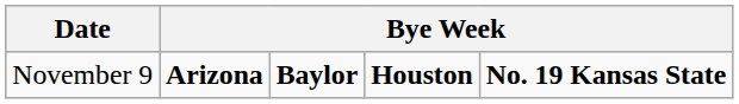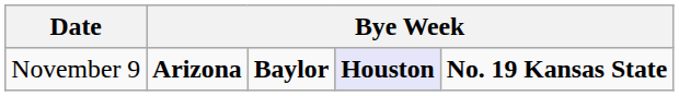 <table class="wikitable" style="font-size:95%;">
 <tr>
 <th>Date</th>
 <th colspan="4">Bye Week</th>
 </tr>
 <tr>
 <td>November 9</td>
 <td><strong>Arizona</strong></td>
 <td><strong>Baylor</strong></td>
-<td><strong>Houston</strong></td>
+<td style="background: lavender;"><strong>Houston</strong></td>
 <td><strong>No. 19 Kansas State</strong></td>
 </tr>
 </table>
